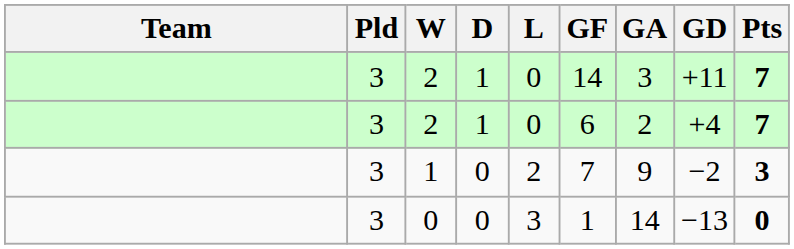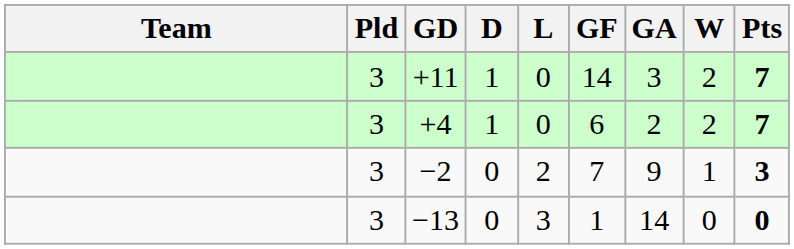 <table class="wikitable" style="text-align: center;">
 <tr>
 <th width=175>Team</th>
 <th width=20>Pld</th>
-<th width=20>W</th>
+<th width=20>GD</th>
 <th width=20>D</th>
 <th width=20>L</th>
 <th width=20>GF</th>
 <th width=20>GA</th>
-<th width=20>GD</th>
+<th width=20>W</th>
 <th width=20>Pts</th>
 </tr>
 <tr bgcolor=#ccffcc>
 <td style="text-align:left;"></td>
 <td>3</td>
-<td>2</td>
+<td>+11</td>
 <td>1</td>
 <td>0</td>
 <td>14</td>
 <td>3</td>
-<td>+11</td>
+<td>2</td>
 <td><strong>7</strong></td>
 </tr>
 <tr bgcolor=#ccffcc>
 <td style="text-align:left;"></td>
 <td>3</td>
-<td>2</td>
+<td>+4</td>
 <td>1</td>
 <td>0</td>
 <td>6</td>
 <td>2</td>
-<td>+4</td>
+<td>2</td>
 <td><strong>7</strong></td>
 </tr>
 <tr>
 <td style="text-align:left;"></td>
 <td>3</td>
-<td>1</td>
+<td>−2</td>
 <td>0</td>
 <td>2</td>
 <td>7</td>
 <td>9</td>
-<td>−2</td>
+<td>1</td>
 <td><strong>3</strong></td>
 </tr>
 <tr>
 <td style="text-align:left;"></td>
 <td>3</td>
-<td>0</td>
+<td>−13</td>
 <td>0</td>
 <td>3</td>
 <td>1</td>
 <td>14</td>
-<td>−13</td>
+<td>0</td>
 <td><strong>0</strong></td>
 </tr>
 </table>
